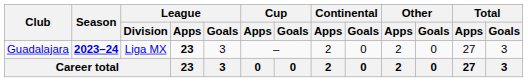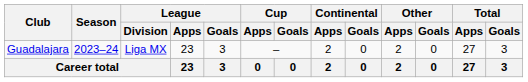 <table class=wikitable style=text-align:center>
 <tr>
 <th rowspan="2">Club</th>
 <th rowspan="2">Season</th>
 <th colspan="3">League</th>
 <th colspan="2">Cup</th>
 <th colspan="2">Continental</th>
 <th colspan="2">Other</th>
 <th colspan="2">Total</th>
 </tr>
 <tr>
 <th>Division</th>
 <th>Apps</th>
 <th>Goals</th>
 <th>Apps</th>
 <th>Goals</th>
 <th>Apps</th>
 <th>Goals</th>
 <th>Apps</th>
 <th>Goals</th>
 <th>Apps</th>
 <th>Goals</th>
 </tr>
 <tr>
 <td rowspan="1"><a href='#'>Guadalajara</a></td>
-<td><strong><a href='#'>2023–24</a></strong></td>
+<td><a href='#'>2023–24</a></td>
 <td rowspan="1"><a href='#'>Liga MX</a></td>
-<td><strong>23</strong></td>
+<td>23</td>
 <td>3</td>
 <td colspan="2">–</td>
 <td>2</td>
 <td>0</td>
 <td>2</td>
 <td>0</td>
 <td>27</td>
 <td>3</td>
 </tr>
 <tr>
 <th colspan="3"><strong>Career total</strong></th>
 <th>23</th>
 <th>3</th>
 <th>0</th>
 <th>0</th>
 <th>2</th>
 <th>0</th>
 <th>2</th>
 <th>0</th>
 <th>27</th>
 <th>3</th>
 </tr>
 </table>
